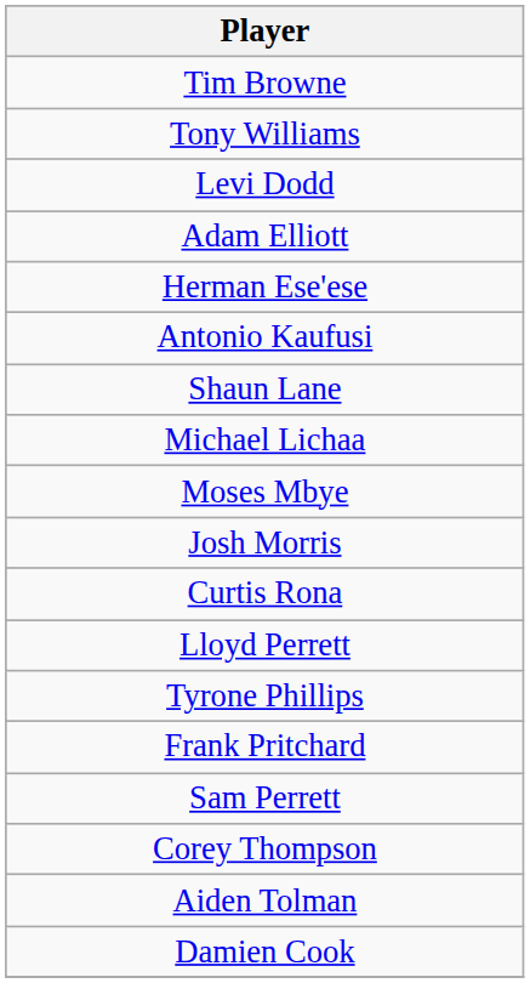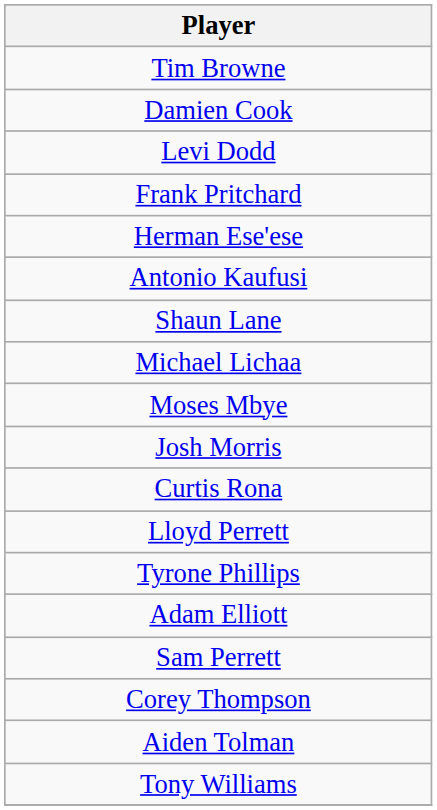 <table class="wikitable" style="text-align: center;">
 <tr>
 <th style="width:250px;">Player</th>
 </tr>
 <tr>
 <td><a href='#'>Tim Browne</a></td>
 </tr>
 <tr>
-<td><a href='#'>Tony Williams</a></td>
+<td><a href='#'>Damien Cook</a></td>
 </tr>
 <tr>
 <td><a href='#'>Levi Dodd</a></td>
 </tr>
 <tr>
-<td><a href='#'>Adam Elliott</a></td>
+<td><a href='#'>Frank Pritchard</a></td>
 </tr>
 <tr>
 <td><a href='#'>Herman Ese'ese</a></td>
 </tr>
 <tr>
 <td><a href='#'>Antonio Kaufusi</a></td>
 </tr>
 <tr>
 <td><a href='#'>Shaun Lane</a></td>
 </tr>
 <tr>
 <td><a href='#'>Michael Lichaa</a></td>
 </tr>
 <tr>
 <td><a href='#'>Moses Mbye</a></td>
 </tr>
 <tr>
 <td><a href='#'>Josh Morris</a></td>
 </tr>
 <tr>
 <td><a href='#'>Curtis Rona</a></td>
 </tr>
 <tr>
 <td><a href='#'>Lloyd Perrett</a></td>
 </tr>
 <tr>
 <td><a href='#'>Tyrone Phillips</a></td>
 </tr>
 <tr>
-<td><a href='#'>Frank Pritchard</a></td>
+<td><a href='#'>Adam Elliott</a></td>
 </tr>
 <tr>
 <td><a href='#'>Sam Perrett</a></td>
 </tr>
 <tr>
 <td><a href='#'>Corey Thompson</a></td>
 </tr>
 <tr>
 <td><a href='#'>Aiden Tolman</a></td>
 </tr>
 <tr>
-<td><a href='#'>Damien Cook</a></td>
+<td><a href='#'>Tony Williams</a></td>
 </tr>
 <tr>
 </tr>
 </table>
